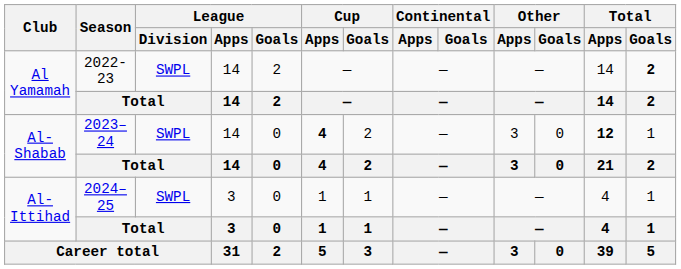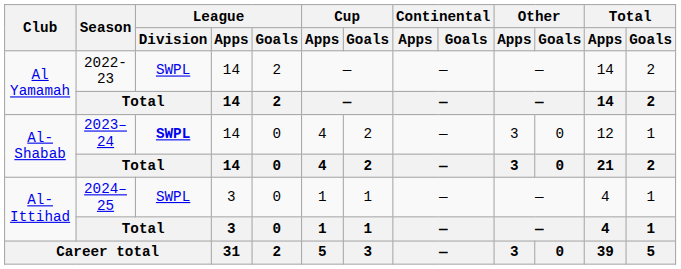 <table class="wikitable" style="text-align: center;">
 <tr>
 <th rowspan="2">Club</th>
 <th rowspan="2">Season</th>
 <th colspan="3">League</th>
 <th colspan="2">Cup</th>
 <th colspan="2">Continental</th>
 <th colspan="2">Other</th>
 <th colspan="2">Total</th>
 </tr>
 <tr>
 <th>Division</th>
 <th>Apps</th>
 <th>Goals</th>
 <th>Apps</th>
 <th>Goals</th>
 <th>Apps</th>
 <th>Goals</th>
 <th>Apps</th>
 <th>Goals</th>
 <th>Apps</th>
 <th>Goals</th>
 </tr>
 <tr>
 <td rowspan="2"><a href='#'>Al Yamamah</a></td>
 <td>2022-23</td>
 <td rowspan="1"><a href='#'>SWPL</a></td>
 <td>14</td>
 <td>2</td>
 <td colspan="2">—</td>
 <td colspan="2">—</td>
 <td colspan="2">—</td>
 <td>14</td>
-<td><strong>2</strong></td>
+<td>2</td>
 </tr>
 <tr>
 <th colspan="2">Total</th>
 <th>14</th>
 <th>2</th>
 <th colspan="2">—</th>
 <th colspan="2">—</th>
 <th colspan="2">—</th>
 <th>14</th>
 <th>2</th>
 </tr>
 <tr>
 <td rowspan="2"><a href='#'>Al-Shabab</a></td>
 <td><a href='#'>2023–24</a></td>
-<td rowspan="1"><a href='#'>SWPL</a></td>
+<td rowspan="1"><strong><a href='#'>SWPL</a></strong></td>
 <td>14</td>
 <td>0</td>
-<td><strong>4</strong></td>
+<td>4</td>
 <td>2</td>
 <td colspan="2">—</td>
 <td>3</td>
 <td>0</td>
-<td><strong>12</strong></td>
+<td>12</td>
 <td>1</td>
 </tr>
 <tr>
 <th colspan="2">Total</th>
 <th>14</th>
 <th>0</th>
 <th>4</th>
 <th>2</th>
 <th colspan="2">—</th>
 <th>3</th>
 <th>0</th>
 <th>21</th>
 <th>2</th>
 </tr>
 <tr>
 <td rowspan="2"><a href='#'>Al-Ittihad</a></td>
 <td><a href='#'>2024–25</a></td>
 <td rowspan="1"><a href='#'>SWPL</a></td>
 <td>3</td>
 <td>0</td>
 <td>1</td>
 <td>1</td>
 <td colspan="2">—</td>
 <td colspan="2">—</td>
 <td>4</td>
 <td>1</td>
 </tr>
 <tr>
 <th colspan="2">Total</th>
 <th>3</th>
 <th>0</th>
 <th>1</th>
 <th>1</th>
 <th colspan="2">—</th>
 <th colspan="2">—</th>
 <th>4</th>
 <th>1</th>
 </tr>
 <tr>
 <th colspan="3">Career total</th>
 <th>31</th>
 <th>2</th>
 <th>5</th>
 <th>3</th>
 <th colspan="2">—</th>
 <th>3</th>
 <th>0</th>
 <th>39</th>
 <th>5</th>
 </tr>
 </table>
